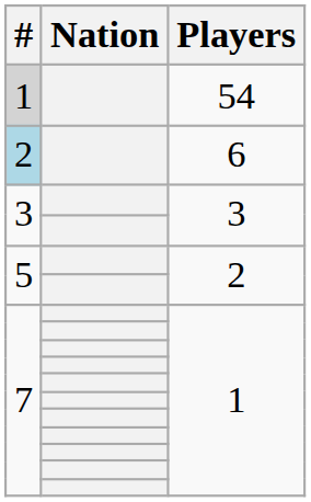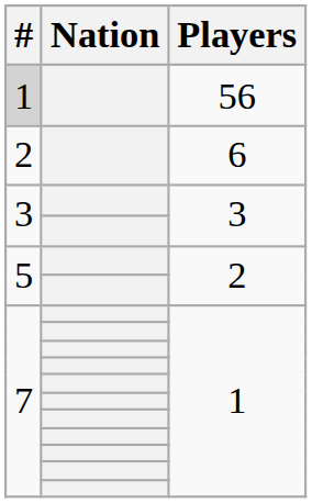 <table class="wikitable sortable plainrowheaders" style="text-align:center">
 <tr>
 <th scope="col">#</th>
 <th scope="col">Nation</th>
 <th scope="col">Players</th>
 </tr>
 <tr>
 <td style="background: lightgrey;">1</td>
 <th scope="row"></th>
-<td>54</td>
+<td>56</td>
 </tr>
 <tr>
-<td style="background: lightblue;">2</td>
+<td>2</td>
 <th scope="row"></th>
 <td>6</td>
 </tr>
 <tr>
 <td rowspan="2">3</td>
 <th scope="row"></th>
 <td rowspan="2">3</td>
 </tr>
 <tr>
 <th scope="row"></th>
 </tr>
 <tr>
 <td rowspan="2">5</td>
 <th scope="row"></th>
 <td rowspan="2">2</td>
 </tr>
 <tr>
 <th scope="row"></th>
 </tr>
 <tr>
 <td rowspan="11">7</td>
 <th scope="row"></th>
 <td rowspan="11">1</td>
 </tr>
 <tr>
 <th scope="row"></th>
 </tr>
 <tr>
 <th scope="row"></th>
 </tr>
 <tr>
 <th scope="row"></th>
 </tr>
 <tr>
 <th scope="row"></th>
 </tr>
 <tr>
 <th scope="row"></th>
 </tr>
 <tr>
 <th scope="row"></th>
 </tr>
 <tr>
 <th scope="row"></th>
 </tr>
 <tr>
 <th scope="row"></th>
 </tr>
 <tr>
 <th scope="row"></th>
 </tr>
 <tr>
 <th scope="row"></th>
 </tr>
 </table>
